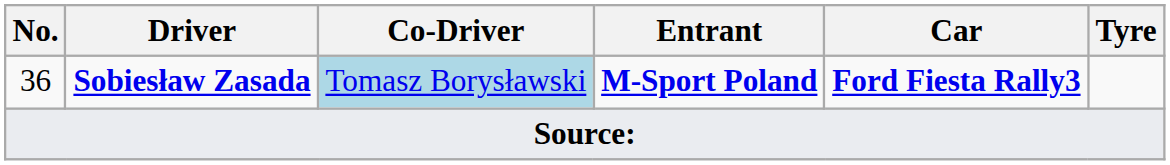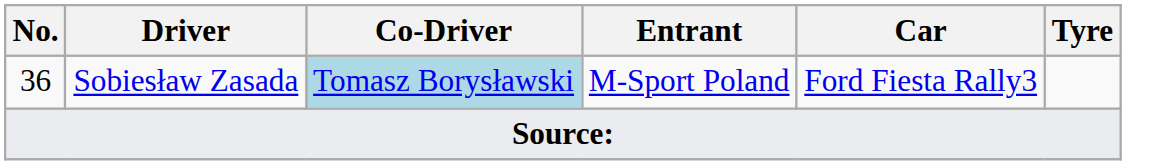 <table class="wikitable" style="font-size: 85%;">
 <tr>
 <th>No.</th>
 <th>Driver</th>
 <th>Co-Driver</th>
 <th>Entrant</th>
 <th>Car</th>
 <th>Tyre</th>
 </tr>
 <tr>
 <td align="center">36</td>
-<td><strong> <a href='#'>Sobiesław Zasada</a></strong></td>
+<td> <a href='#'>Sobiesław Zasada</a></td>
 <td style="background: lightblue;"> <a href='#'>Tomasz Borysławski</a></td>
-<td><strong> <a href='#'>M-Sport Poland</a></strong></td>
-<td><strong><a href='#'>Ford Fiesta Rally3</a></strong></td>
+<td> <a href='#'>M-Sport Poland</a></td>
+<td><a href='#'>Ford Fiesta Rally3</a></td>
 <td align="center"></td>
 </tr>
 <tr>
 <td colspan="6" style="background-color:#EAECF0;text-align:center"><strong>Source:</strong></td>
 </tr>
 </table>
